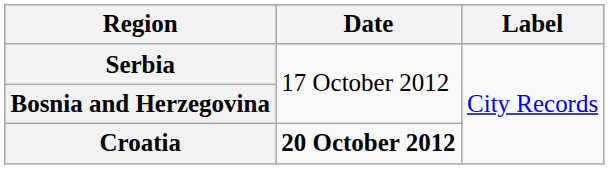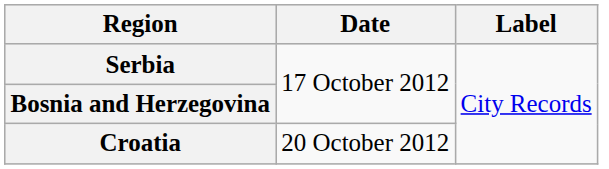 <table class="wikitable plainrowheaders">
 <tr>
 <th scope="col">Region</th>
 <th scope="col">Date</th>
 <th scope="col">Label</th>
 </tr>
 <tr>
 <th scope="row">Serbia</th>
 <td rowspan="2">17 October 2012</td>
 <td rowspan="3"><a href='#'>City Records</a></td>
 </tr>
 <tr>
 <th scope="row">Bosnia and Herzegovina</th>
 </tr>
 <tr>
 <th scope="row">Croatia</th>
-<td><strong>20 October 2012</strong></td>
+<td>20 October 2012</td>
 </tr>
 </table>
